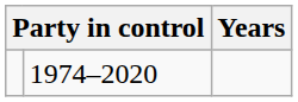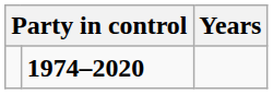 <table class="wikitable">
 <tr>
 <th colspan="2">Party in control</th>
 <th>Years</th>
 </tr>
 <tr>
 <td></td>
-<td>1974–2020</td>
+<td><strong>1974–2020</strong></td>
 </tr>
 </table>
